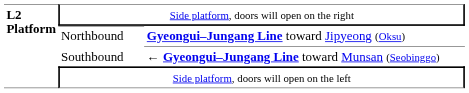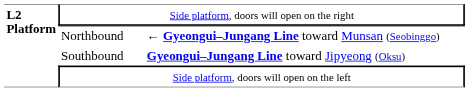 <table table border=0 cellspacing=0 cellpadding=3>
 <tr>
 <td style="border-top:solid 1px gray;border-bottom:solid 1px gray;" width=50 rowspan=10 valign=top><strong>L2<br>Platform</strong></td>
 <td style="border-top:solid 1px gray;border-right:solid 2px black;border-left:solid 2px black;border-bottom:solid 2px black;text-align:center;" colspan=2><small><a href='#'>Side platform</a>, doors will open on the right</small></td>
 </tr>
 <tr>
 <td style="border-bottom:solid 0px gray;border-top:solid 1px gray;" width=100>Northbound</td>
-<td> <a href='#'><span><strong>Gyeongui–Jungang Line</strong></span></a> toward <a href='#'>Jipyeong</a> <small>(<a href='#'>Oksu</a>)</small></td>
+<td style="border-bottom:solid 0px gray;border-top:solid 1px gray;" width=390>← <a href='#'><span><strong>Gyeongui–Jungang Line</strong></span></a> toward <a href='#'>Munsan</a> <small>(<a href='#'>Seobinggo</a>)</small></td>
 </tr>
 <tr>
 <td>Southbound</td>
-<td style="border-bottom:solid 0px gray;border-top:solid 1px gray;" width=390>← <a href='#'><span><strong>Gyeongui–Jungang Line</strong></span></a> toward <a href='#'>Munsan</a> <small>(<a href='#'>Seobinggo</a>)</small></td>
+<td> <a href='#'><span><strong>Gyeongui–Jungang Line</strong></span></a> toward <a href='#'>Jipyeong</a> <small>(<a href='#'>Oksu</a>)</small></td>
 </tr>
 <tr>
 <td style="border-top:solid 2px black;border-right:solid 2px black;border-left:solid 2px black;border-bottom:solid 1px gray;text-align:center;" colspan=2><small><a href='#'>Side platform</a>, doors will open on the left</small></td>
 </tr>
 </table>
